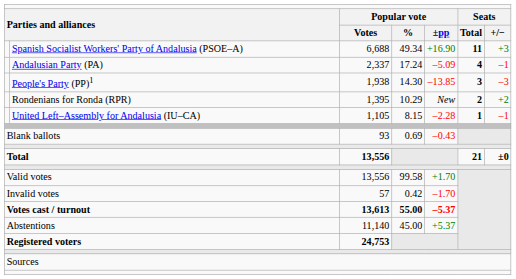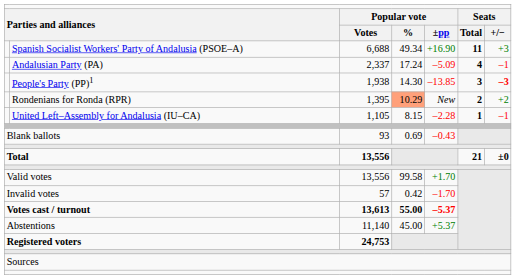 <table class="wikitable" style="text-align:right;">
 <tr>
 <td colspan="7"></td>
 </tr>
 <tr>
 <th style="text-align:left;" rowspan="2" colspan="2" width="525">Parties and alliances</th>
 <th colspan="3">Popular vote</th>
 <th colspan="2">Seats</th>
 </tr>
 <tr>
 <th width="75">Votes</th>
 <th width="45">%</th>
 <th width="45">±<a href='#'>pp</a></th>
 <th width="35">Total</th>
 <th width="35">+/−</th>
 </tr>
 <tr>
 <td width="1" style="color:inherit;background:"></td>
 <td align="left"><a href='#'>Spanish Socialist Workers' Party of Andalusia</a> (PSOE–A)</td>
 <td>6,688</td>
 <td>49.34</td>
 <td style="color:green;">+16.90</td>
 <td><strong>11</strong></td>
 <td style="color:green;">+3</td>
 </tr>
 <tr>
 <td style="color:inherit;background:"></td>
 <td align="left"><a href='#'>Andalusian Party</a> (PA)</td>
 <td>2,337</td>
 <td>17.24</td>
 <td style="color:red;">–5.09</td>
 <td><strong>4</strong></td>
 <td style="color:red;">–1</td>
 </tr>
 <tr>
 <td style="color:inherit;background:"></td>
 <td align="left"><a href='#'>People's Party</a> (PP)<sup>1</sup></td>
 <td>1,938</td>
 <td>14.30</td>
 <td style="color:red;">–13.85</td>
 <td><strong>3</strong></td>
-<td style="color:red;">–3</td>
+<td style="color:red;"><strong>–3</strong></td>
 </tr>
 <tr>
 <td style="color:inherit;background:"></td>
 <td align="left">Rondenians for Ronda (RPR)</td>
 <td>1,395</td>
-<td>10.29</td>
+<td style="background: lightsalmon;">10.29</td>
 <td><em>New</em></td>
 <td><strong>2</strong></td>
 <td style="color:green;">+2</td>
 </tr>
 <tr>
 <td style="color:inherit;background:"></td>
 <td align="left"><a href='#'>United Left–Assembly for Andalusia</a> (IU–CA)</td>
 <td>1,105</td>
 <td>8.15</td>
 <td style="color:red;">–2.28</td>
 <td><strong>1</strong></td>
 <td style="color:red;">–1</td>
 </tr>
 <tr>
 <td colspan="7" bgcolor="#C0C0C0"></td>
 </tr>
 <tr>
 <td align="left" colspan="2">Blank ballots</td>
 <td>93</td>
 <td>0.69</td>
 <td style="color:red;">–0.43</td>
 <td bgcolor="#E9E9E9" colspan="2"></td>
 </tr>
 <tr>
 <td colspan="7" bgcolor="#E9E9E9"></td>
 </tr>
 <tr style="font-weight:bold;">
 <td align="left" colspan="2">Total</td>
 <td>13,556</td>
 <td bgcolor="#E9E9E9" colspan="2"></td>
 <td>21</td>
 <td>±0</td>
 </tr>
 <tr>
 <td colspan="7" bgcolor="#E9E9E9"></td>
 </tr>
 <tr>
 <td align="left" colspan="2">Valid votes</td>
 <td>13,556</td>
 <td>99.58</td>
 <td style="color:green;">+1.70</td>
 <td bgcolor="#E9E9E9" colspan="2" rowspan="5"></td>
 </tr>
 <tr>
 <td align="left" colspan="2">Invalid votes</td>
 <td>57</td>
 <td>0.42</td>
 <td style="color:red;">–1.70</td>
 </tr>
 <tr style="font-weight:bold;">
 <td align="left" colspan="2">Votes cast / turnout</td>
 <td>13,613</td>
 <td>55.00</td>
 <td style="color:red;">–5.37</td>
 </tr>
 <tr>
 <td align="left" colspan="2">Abstentions</td>
 <td>11,140</td>
 <td>45.00</td>
 <td style="color:green;">+5.37</td>
 </tr>
 <tr style="font-weight:bold;">
 <td align="left" colspan="2">Registered voters</td>
 <td>24,753</td>
 <td bgcolor="#E9E9E9" colspan="2"></td>
 </tr>
 <tr>
 <td colspan="7" bgcolor="#E9E9E9"></td>
 </tr>
 <tr>
 <td align="left" colspan="7">Sources</td>
 </tr>
 <tr>
 <td colspan="7" style="text-align:left; max-width:790px;"></td>
 </tr>
 </table>
